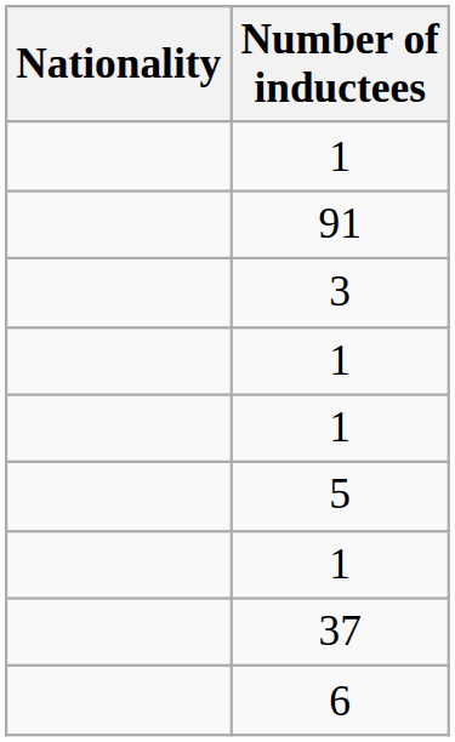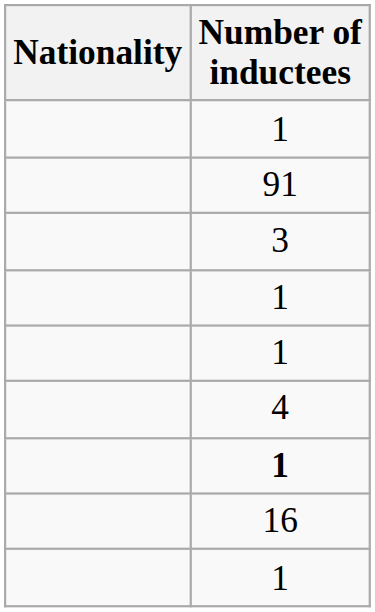 <table class="sortable wikitable">
 <tr>
 <th>Nationality</th>
 <th>Number of<br>inductees</th>
 </tr>
 <tr>
 <td></td>
 <td align=center>1</td>
 </tr>
 <tr>
 <td></td>
 <td align=center>91</td>
 </tr>
 <tr>
 <td></td>
 <td align=center>3</td>
 </tr>
 <tr>
 <td></td>
 <td align=center>1</td>
 </tr>
 <tr>
 <td></td>
 <td align=center>1</td>
 </tr>
 <tr>
 <td></td>
-<td align=center>5</td>
+<td align=center>4</td>
+</tr>
+<tr>
+<td></td>
+<td align=center><strong>1</strong></td>
+</tr>
+<tr>
+<td></td>
+<td align=center>16</td>
 </tr>
 <tr>
 <td></td>
 <td align=center>1</td>
 </tr>
-<tr>
-<td></td>
-<td align=center>37</td>
-</tr>
-<tr>
-<td></td>
-<td align=center>6</td>
-</tr>
 </table>
